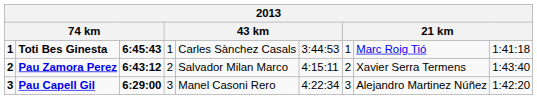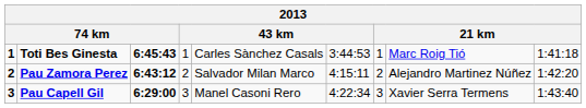 <table class="wikitable">
 <tr>
 <th colspan="9">2013</th>
 </tr>
 <tr>
 <th colspan="3"><strong>74 km</strong></th>
 <th colspan="3">43 km</th>
 <th colspan="3">21 km</th>
 </tr>
 <tr>
 <td><strong>1</strong></td>
 <td><strong>Toti Bes Ginesta</strong></td>
 <td><strong>6:45:43</strong></td>
 <td>1</td>
 <td>Carles Sànchez Casals</td>
 <td>3:44:53</td>
 <td>1</td>
 <td><a href='#'>Marc Roig Tió</a></td>
 <td>1:41:18</td>
 </tr>
 <tr>
 <td><strong>2</strong></td>
 <td><strong><a href='#'>Pau Zamora Perez</a></strong></td>
 <td><strong>6:43:12</strong></td>
 <td>2</td>
 <td>Salvador Milan Marco</td>
 <td>4:15:11</td>
 <td>2</td>
-<td>Xavier Serra Termens</td>
-<td>1:43:40</td>
+<td>Alejandro Martinez Núñez</td>
+<td>1:42:20</td>
 </tr>
 <tr>
 <td><strong>3</strong></td>
 <td><strong><a href='#'>Pau Capell Gil</a></strong></td>
 <td><strong>6:29:00</strong></td>
 <td>3</td>
 <td>Manel Casoni Rero</td>
 <td>4:22:34</td>
 <td>3</td>
-<td>Alejandro Martinez Núñez</td>
-<td>1:42:20</td>
+<td>Xavier Serra Termens</td>
+<td>1:43:40</td>
 </tr>
 </table>
